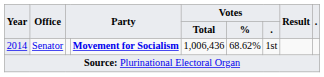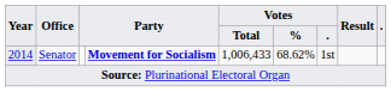 <table class="wikitable" style="font-size:90%; text-align:center;">
 <tr>
 <th style="background-color:#EAECF0;" rowspan=2>Year</th>
 <th style="background-color:#EAECF0;" rowspan=2>Office</th>
 <th style="background-color:#EAECF0;" colspan=2 rowspan=2>Party</th>
 <th style="background-color:#EAECF0;" colspan=3>Votes</th>
 <th style="background-color:#EAECF0;" rowspan=2>Result</th>
 <th style="background-color:#EAECF0;" rowspan=2>.</th>
 </tr>
 <tr>
 <th style="background-color:#EAECF0;">Total</th>
 <th style="background-color:#EAECF0;">%</th>
 <th style="background-color:#EAECF0;">.</th>
 </tr>
 <tr>
 <td style="background-color:#EAECF0;"><a href='#'>2014</a></td>
 <td><a href='#'>Senator</a></td>
 <td style="background-color:"></td>
 <td><strong><a href='#'>Movement for Socialism</a></strong></td>
-<td>1,006,436</td>
+<td>1,006,433</td>
 <td>68.62%</td>
 <td>1st</td>
 <td></td>
 <td></td>
 </tr>
 <tr>
 <td style="background-color:#EAECF0;" colspan=9><strong>Source:</strong> <a href='#'>Plurinational Electoral Organ</a>  </td>
 </tr>
 </table>
